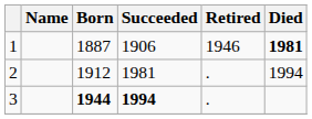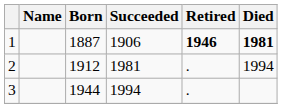 <table class=wikitable>
 <tr>
 <th></th>
 <th>Name</th>
 <th>Born</th>
 <th>Succeeded</th>
 <th>Retired</th>
 <th>Died</th>
 </tr>
 <tr>
 <td>1</td>
 <td></td>
 <td>1887</td>
 <td>1906</td>
-<td>1946</td>
+<td><strong>1946</strong></td>
 <td><strong>1981</strong></td>
 </tr>
 <tr>
 <td>2</td>
 <td></td>
 <td>1912</td>
 <td>1981</td>
 <td>.</td>
 <td>1994</td>
 </tr>
 <tr>
 <td>3</td>
 <td></td>
-<td><strong>1944</strong></td>
-<td><strong>1994</strong></td>
+<td>1944</td>
+<td>1994</td>
 <td>.</td>
 <td></td>
 </tr>
 <tr>
 </tr>
 </table>
